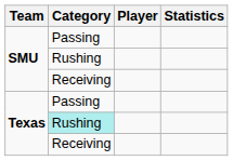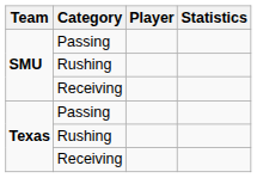 <table class="wikitable" style="float: right;">
 <tr>
 <th>Team</th>
 <th>Category</th>
 <th>Player</th>
 <th>Statistics</th>
 </tr>
 <tr>
 <td rowspan=3><strong>SMU</strong></td>
 <td>Passing</td>
 <td></td>
 <td></td>
 </tr>
 <tr>
 <td>Rushing</td>
 <td></td>
 <td></td>
 </tr>
 <tr>
 <td>Receiving</td>
 <td></td>
 <td></td>
 </tr>
 <tr>
 <td rowspan=3><strong>Texas</strong></td>
 <td>Passing</td>
 <td></td>
 <td></td>
 </tr>
 <tr>
-<td style="background: paleturquoise;">Rushing</td>
+<td>Rushing</td>
 <td></td>
 <td></td>
 </tr>
 <tr>
 <td>Receiving</td>
 <td></td>
 <td></td>
 </tr>
 </table>
